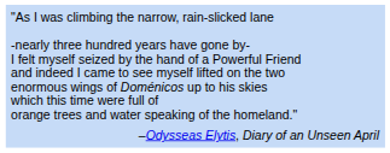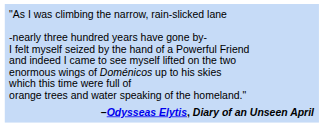 <table class="toccolours" style="float: left; margin-left: 1em; margin-right: 2em; font-size: 85%; background:#c6dbf7; color:black; width:30em; max-width: 40%;" cellspacing="5">
 <tr>
 <td style="text-align: left;">"As I was climbing the narrow, rain-slicked lane<br><br>-nearly three hundred years have gone by-<br> I felt myself seized by the hand of a Powerful Friend<br> and indeed I came to see myself lifted on the two<br> enormous wings of <em>Doménicos</em> up to his skies<br>which this time were full of<br> orange trees and water speaking of the homeland."</td>
 </tr>
 <tr>
-<td style="text-align: right;">–<em><a href='#'>Odysseas Elytis</a></em>, <em>Diary of an Unseen April</em></td>
+<td style="text-align: right;"><strong>–<em><a href='#'>Odysseas Elytis</a></em>, <em>Diary of an Unseen April</em></strong></td>
 </tr>
 </table>
